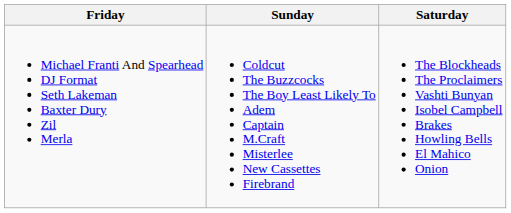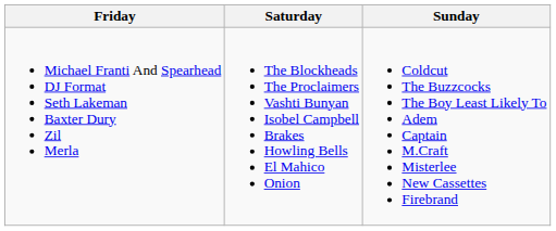 <table class="wikitable">
 <tr>
 <th>Friday</th>
+<th>Saturday</th>
 <th>Sunday</th>
-<th>Saturday</th>
 </tr>
 <tr>
 <td valign=top><br><ul><li><a href='#'>Michael Franti</a> And <a href='#'>Spearhead</a></li><li><a href='#'>DJ Format</a></li><li><a href='#'>Seth Lakeman</a></li><li><a href='#'>Baxter Dury</a></li><li><a href='#'>Zil</a></li><li><a href='#'>Merla</a></li></ul></td>
+<td valign=top><br><ul><li><a href='#'>The Blockheads</a></li><li><a href='#'>The Proclaimers</a></li><li><a href='#'>Vashti Bunyan</a></li><li><a href='#'>Isobel Campbell</a></li><li><a href='#'>Brakes</a></li><li><a href='#'>Howling Bells</a></li><li><a href='#'>El Mahico</a></li><li><a href='#'>Onion</a></li></ul></td>
 <td valign=top><br><ul><li><a href='#'>Coldcut</a></li><li><a href='#'>The Buzzcocks</a></li><li><a href='#'>The Boy Least Likely To</a></li><li><a href='#'>Adem</a></li><li><a href='#'>Captain</a></li><li><a href='#'>M.Craft</a></li><li><a href='#'>Misterlee</a></li><li><a href='#'>New Cassettes</a></li><li><a href='#'>Firebrand</a></li></ul></td>
-<td valign=top><br><ul><li><a href='#'>The Blockheads</a></li><li><a href='#'>The Proclaimers</a></li><li><a href='#'>Vashti Bunyan</a></li><li><a href='#'>Isobel Campbell</a></li><li><a href='#'>Brakes</a></li><li><a href='#'>Howling Bells</a></li><li><a href='#'>El Mahico</a></li><li><a href='#'>Onion</a></li></ul></td>
 </tr>
 </table>
